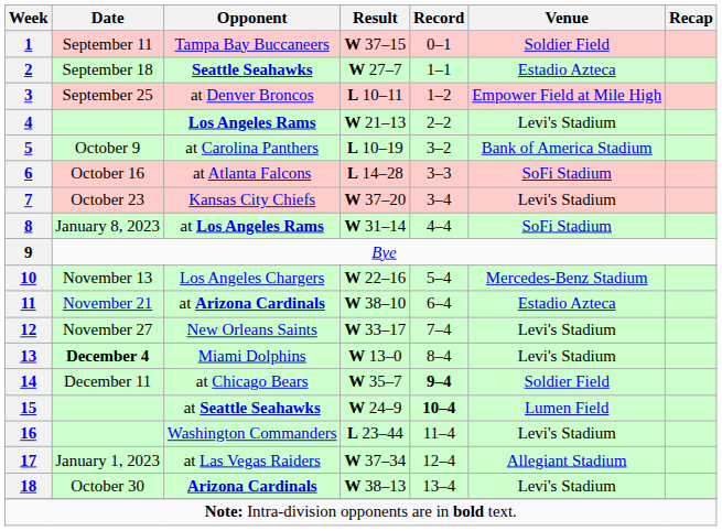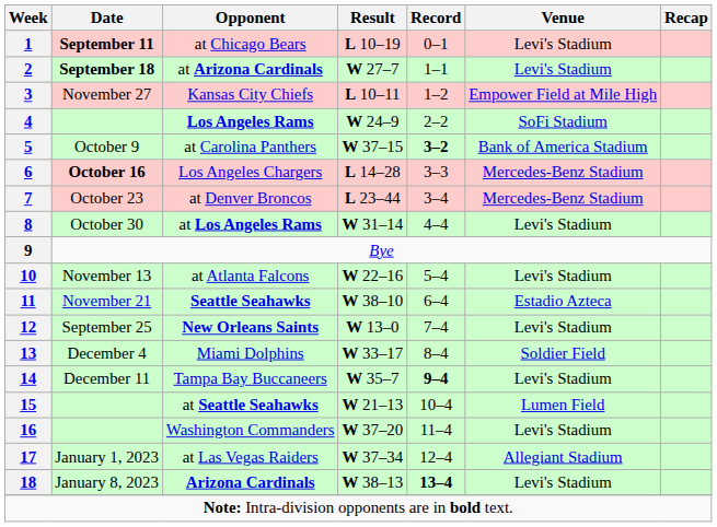 <table class="wikitable" style="text-align:center">
 <tr>
 <th>Week</th>
 <th>Date</th>
 <th>Opponent</th>
 <th>Result</th>
 <th>Record</th>
 <th>Venue</th>
 <th>Recap</th>
 </tr>
 <tr style="background:#fcc">
 <th><a href='#'>1</a></th>
-<td>September 11</td>
-<td><a href='#'>Tampa Bay Buccaneers</a></td>
-<td><strong>W</strong> 37–15</td>
+<td><strong>September 11</strong></td>
+<td>at <a href='#'>Chicago Bears</a></td>
+<td><strong>L</strong> 10–19</td>
 <td>0–1</td>
-<td><a href='#'>Soldier Field</a></td>
+<td>Levi's Stadium</td>
 <td></td>
 </tr>
 <tr style="background:#cfc">
 <th><a href='#'>2</a></th>
-<td>September 18</td>
-<td><strong><a href='#'>Seattle Seahawks</a></strong></td>
+<td><strong>September 18</strong></td>
+<td>at <strong><a href='#'>Arizona Cardinals</a></strong></td>
 <td><strong>W</strong> 27–7</td>
 <td>1–1</td>
-<td> <a href='#'>Estadio Azteca</a> </td>
+<td><a href='#'>Levi's Stadium</a></td>
 <td></td>
 </tr>
 <tr style="background:#fcc">
 <th><a href='#'>3</a></th>
-<td>September 25</td>
-<td>at <a href='#'>Denver Broncos</a></td>
+<td>November 27</td>
+<td><a href='#'>Kansas City Chiefs</a></td>
 <td><strong>L</strong> 10–11</td>
 <td>1–2</td>
 <td><a href='#'>Empower Field at Mile High</a></td>
 <td></td>
 </tr>
 <tr style="background:#cfc">
 <th><a href='#'>4</a></th>
 <td></td>
 <td><strong><a href='#'>Los Angeles Rams</a></strong></td>
-<td><strong>W</strong> 21–13</td>
+<td><strong>W</strong> 24–9</td>
 <td>2–2</td>
-<td>Levi's Stadium</td>
+<td><a href='#'>SoFi Stadium</a></td>
 <td></td>
 </tr>
 <tr style="background:#cfc">
 <th><a href='#'>5</a></th>
 <td>October 9</td>
 <td>at <a href='#'>Carolina Panthers</a></td>
-<td><strong>L</strong> 10–19</td>
-<td>3–2</td>
+<td><strong>W</strong> 37–15</td>
+<td><strong>3–2</strong></td>
 <td><a href='#'>Bank of America Stadium</a></td>
 <td></td>
 </tr>
 <tr style="background:#fcc">
 <th><a href='#'>6</a></th>
-<td>October 16</td>
-<td>at <a href='#'>Atlanta Falcons</a></td>
+<td><strong>October 16</strong></td>
+<td><a href='#'>Los Angeles Chargers</a></td>
 <td><strong>L</strong> 14–28</td>
 <td>3–3</td>
-<td><a href='#'>SoFi Stadium</a></td>
+<td><a href='#'>Mercedes-Benz Stadium</a></td>
 <td></td>
 </tr>
 <tr style="background:#fcc">
 <th><a href='#'>7</a></th>
 <td>October 23</td>
-<td><a href='#'>Kansas City Chiefs</a></td>
-<td><strong>W</strong> 37–20</td>
+<td>at <a href='#'>Denver Broncos</a></td>
+<td><strong>L</strong> 23–44</td>
 <td>3–4</td>
-<td>Levi's Stadium</td>
+<td><a href='#'>Mercedes-Benz Stadium</a></td>
 <td></td>
 </tr>
 <tr style="background:#cfc">
 <th><a href='#'>8</a></th>
-<td>January 8, 2023</td>
+<td>October 30</td>
 <td>at <strong><a href='#'>Los Angeles Rams</a></strong></td>
 <td><strong>W</strong> 31–14</td>
 <td>4–4</td>
-<td><a href='#'>SoFi Stadium</a></td>
+<td>Levi's Stadium</td>
 <td></td>
 </tr>
 <tr>
 <th>9</th>
 <td colspan="6"><em><a href='#'>Bye</a></em></td>
 </tr>
 <tr style="background:#cfc">
 <th><a href='#'>10</a></th>
 <td>November 13</td>
-<td><a href='#'>Los Angeles Chargers</a></td>
+<td>at <a href='#'>Atlanta Falcons</a></td>
 <td><strong>W</strong> 22–16</td>
 <td>5–4</td>
-<td><a href='#'>Mercedes-Benz Stadium</a></td>
+<td>Levi's Stadium</td>
 <td></td>
 </tr>
 <tr style="background:#cfc">
 <th><a href='#'>11</a></th>
 <td><a href='#'>November 21</a></td>
-<td>at <strong><a href='#'>Arizona Cardinals</a></strong></td>
+<td><strong><a href='#'>Seattle Seahawks</a></strong></td>
 <td><strong>W</strong> 38–10</td>
 <td>6–4</td>
 <td> <a href='#'>Estadio Azteca</a> </td>
 <td></td>
 </tr>
 <tr style="background:#cfc">
 <th><a href='#'>12</a></th>
-<td>November 27</td>
-<td><a href='#'>New Orleans Saints</a></td>
-<td><strong>W</strong> 33–17</td>
+<td>September 25</td>
+<td><strong><a href='#'>New Orleans Saints</a></strong></td>
+<td><strong>W</strong> 13–0</td>
 <td>7–4</td>
 <td>Levi's Stadium</td>
 <td></td>
 </tr>
 <tr style="background:#cfc">
 <th><a href='#'>13</a></th>
-<td><strong>December 4</strong></td>
+<td>December 4</td>
 <td><a href='#'>Miami Dolphins</a></td>
-<td><strong>W</strong> 13–0</td>
+<td><strong>W</strong> 33–17</td>
 <td>8–4</td>
-<td>Levi's Stadium</td>
+<td><a href='#'>Soldier Field</a></td>
 <td></td>
 </tr>
 <tr style="background:#cfc">
 <th><a href='#'>14</a></th>
 <td>December 11</td>
-<td>at <a href='#'>Chicago Bears</a></td>
+<td><a href='#'>Tampa Bay Buccaneers</a></td>
 <td><strong>W</strong> 35–7</td>
 <td><strong>9–4</strong></td>
-<td><a href='#'>Soldier Field</a></td>
+<td>Levi's Stadium</td>
 <td></td>
 </tr>
 <tr style="background:#cfc">
 <th><a href='#'>15</a></th>
 <td></td>
 <td>at <strong><a href='#'>Seattle Seahawks</a></strong></td>
-<td><strong>W</strong> 24–9</td>
-<td><strong>10–4</strong></td>
+<td><strong>W</strong> 21–13</td>
+<td>10–4</td>
 <td><a href='#'>Lumen Field</a></td>
 <td></td>
 </tr>
 <tr style="background:#cfc">
 <th><a href='#'>16</a></th>
 <td></td>
 <td><a href='#'>Washington Commanders</a></td>
-<td><strong>L</strong> 23–44</td>
+<td><strong>W</strong> 37–20</td>
 <td>11–4</td>
 <td>Levi's Stadium</td>
 <td></td>
 </tr>
 <tr style="background:#cfc">
 <th><a href='#'>17</a></th>
 <td>January 1, 2023</td>
 <td>at <a href='#'>Las Vegas Raiders</a></td>
 <td><strong>W</strong> 37–34 </td>
 <td>12–4</td>
 <td><a href='#'>Allegiant Stadium</a></td>
 <td></td>
 </tr>
 <tr style="background:#cfc">
 <th><a href='#'>18</a></th>
-<td>October 30</td>
+<td>January 8, 2023</td>
 <td><strong><a href='#'>Arizona Cardinals</a></strong></td>
 <td><strong>W</strong> 38–13</td>
-<td>13–4</td>
+<td><strong>13–4</strong></td>
 <td>Levi's Stadium</td>
 <td></td>
 </tr>
 <tr>
 </tr>
 <tr>
 <td colspan="8"><strong>Note:</strong> Intra-division opponents are in <strong>bold</strong> text.</td>
 </tr>
 </table>
